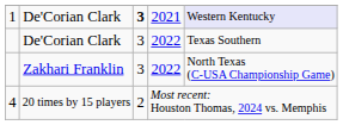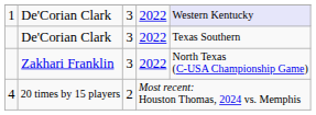 <table class="wikitable">
 <tr>
 </tr>
 <tr>
 <td>1</td>
 <td>De'Corian Clark</td>
-<td><strong>3</strong></td>
-<td><a href='#'>2021</a></td>
+<td>3</td>
+<td><a href='#'>2022</a></td>
 <td style="background: lavender; font-size:80%;">Western Kentucky</td>
 </tr>
 <tr>
 <td></td>
 <td>De'Corian Clark</td>
 <td>3</td>
 <td><a href='#'>2022</a></td>
 <td style="font-size:80%;">Texas Southern</td>
 </tr>
 <tr>
 <td></td>
 <td><a href='#'>Zakhari Franklin</a></td>
 <td>3</td>
 <td><a href='#'>2022</a></td>
 <td style="font-size:80%;">North Texas<br>(<a href='#'>C-USA Championship Game</a>)</td>
 </tr>
 <tr>
 <td>4</td>
 <td style="font-size:80%;">20 times by 15 players</td>
 <td>2</td>
 <td colspan=2 style="font-size:80%;"><em>Most recent:</em><br>Houston Thomas, <a href='#'>2024</a> vs. Memphis<br></td>
 </tr>
 </table>
